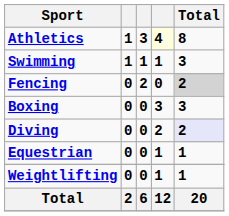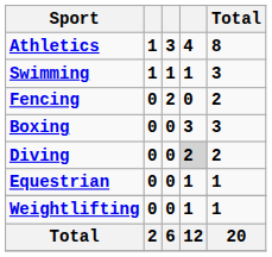 <table class="wikitable" style="font-size:85% align="right" style="text-align:center">
 <tr>
 <th>Sport</th>
 <th></th>
 <th></th>
 <th></th>
 <th>Total</th>
 </tr>
 <tr style="font-weight:bold;">
 <td><a href='#'>Athletics</a></td>
 <td>1</td>
 <td>3</td>
-<td style="background: lightyellow;">4</td>
+<td>4</td>
 <td>8</td>
 </tr>
 <tr style="font-weight:bold;">
 <td><a href='#'>Swimming</a></td>
 <td>1</td>
 <td>1</td>
 <td>1</td>
 <td>3</td>
 </tr>
 <tr style="font-weight:bold;">
 <td><a href='#'>Fencing</a></td>
 <td>0</td>
 <td>2</td>
 <td>0</td>
-<td style="background: lightgrey;">2</td>
+<td>2</td>
 </tr>
 <tr style="font-weight:bold;">
 <td><a href='#'>Boxing</a></td>
 <td>0</td>
 <td>0</td>
 <td>3</td>
 <td>3</td>
 </tr>
 <tr style="font-weight:bold;">
 <td><a href='#'>Diving</a></td>
 <td>0</td>
 <td>0</td>
+<td style="background: lightgrey;">2</td>
 <td>2</td>
-<td style="background: lavender;">2</td>
 </tr>
 <tr style="font-weight:bold;">
 <td><a href='#'>Equestrian</a></td>
 <td>0</td>
 <td>0</td>
 <td>1</td>
 <td>1</td>
 </tr>
 <tr>
 </tr>
 <tr style="font-weight:bold;">
 <td><a href='#'>Weightlifting</a></td>
 <td>0</td>
 <td>0</td>
 <td>1</td>
 <td>1</td>
 </tr>
 <tr>
 <th>Total</th>
 <th>2</th>
 <th>6</th>
 <th>12</th>
 <th>20</th>
 </tr>
 <tr>
 </tr>
 </table>
